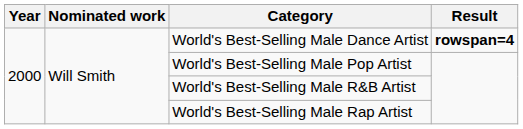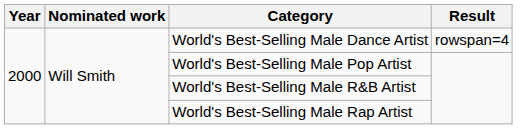 <table class="wikitable">
 <tr>
 <th>Year</th>
 <th>Nominated work</th>
 <th>Category</th>
 <th>Result</th>
 </tr>
 <tr>
 <td rowspan=4>2000</td>
 <td rowspan=4>Will Smith</td>
 <td>World's Best-Selling Male Dance Artist</td>
-<td><strong>rowspan=4 </strong></td>
+<td>rowspan=4 </td>
 </tr>
 <tr>
 <td>World's Best-Selling Male Pop Artist</td>
 </tr>
 <tr>
 <td>World's Best-Selling Male R&B Artist</td>
 </tr>
 <tr>
 <td>World's Best-Selling Male Rap Artist</td>
 </tr>
 </table>
